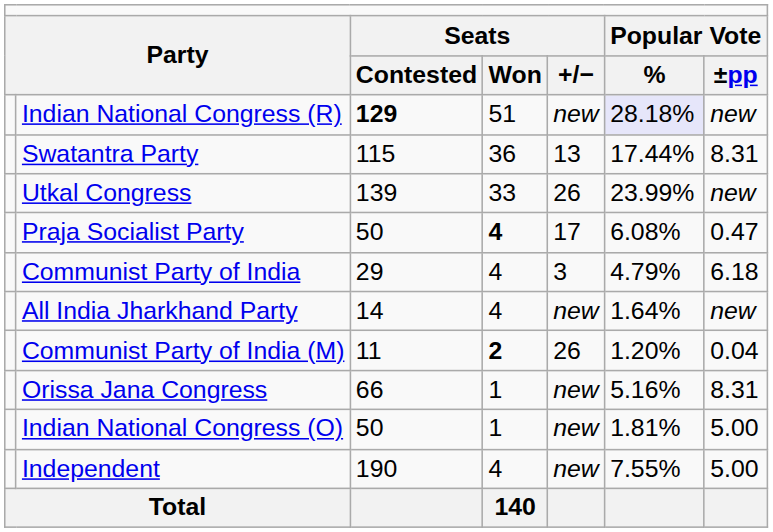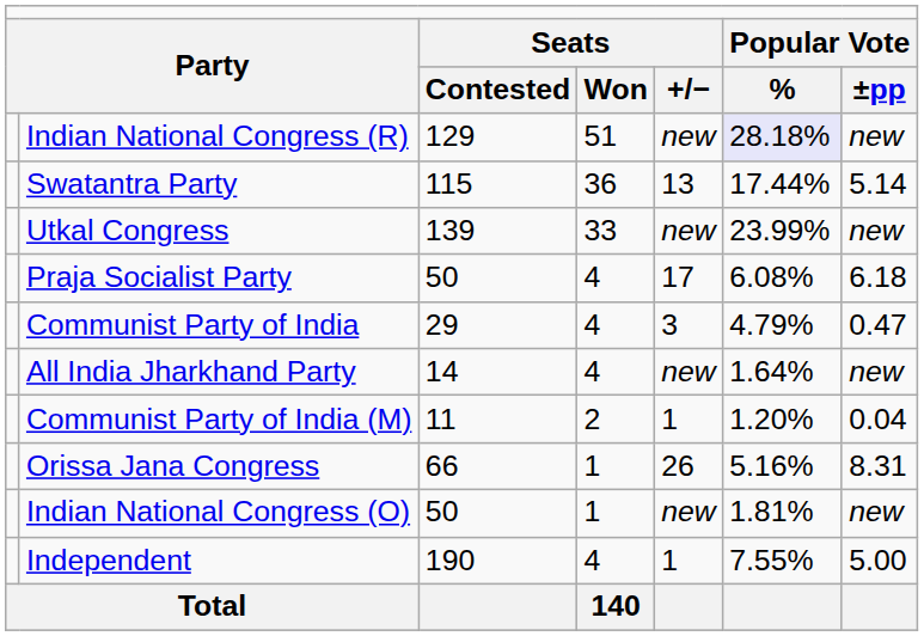 <table class="wikitable">
 <tr>
 <td colspan="7"></td>
 </tr>
 <tr>
 <th colspan="2" rowspan="2">Party</th>
 <th colspan="3">Seats</th>
 <th colspan="2">Popular Vote</th>
 </tr>
 <tr>
 <th>Contested</th>
 <th>Won</th>
 <th><strong>+/−</strong></th>
 <th>%</th>
 <th>±<a href='#'>pp</a></th>
 </tr>
 <tr>
 <td style="background-color: "></td>
 <td><a href='#'>Indian National Congress (R)</a></td>
-<td><strong>129</strong></td>
+<td>129</td>
 <td>51</td>
 <td><em>new</em></td>
 <td style="background: lavender;">28.18%</td>
 <td><em>new</em></td>
 </tr>
 <tr>
 <td style="background-color: "></td>
 <td><a href='#'>Swatantra Party</a></td>
 <td>115</td>
 <td>36</td>
 <td>13</td>
 <td>17.44%</td>
-<td>8.31</td>
+<td>5.14</td>
 </tr>
 <tr>
 <td style="background-color: "></td>
 <td><a href='#'>Utkal Congress</a></td>
 <td>139</td>
 <td>33</td>
-<td>26</td>
+<td><em>new</em></td>
 <td>23.99%</td>
 <td><em>new</em></td>
 </tr>
 <tr>
 <td style="background-color: "></td>
 <td><a href='#'>Praja Socialist Party</a></td>
 <td>50</td>
-<td><strong>4</strong></td>
+<td>4</td>
 <td>17</td>
 <td>6.08%</td>
-<td>0.47</td>
+<td>6.18</td>
 </tr>
 <tr>
 <td style="background-color: "></td>
 <td><a href='#'>Communist Party of India</a></td>
 <td>29</td>
 <td>4</td>
 <td>3</td>
 <td>4.79%</td>
-<td>6.18</td>
+<td>0.47</td>
 </tr>
 <tr>
 <td style="background-color: "></td>
 <td><a href='#'>All India Jharkhand Party</a></td>
 <td>14</td>
 <td>4</td>
 <td><em>new</em></td>
 <td>1.64%</td>
 <td><em>new</em></td>
 </tr>
 <tr>
 <td style="background-color: "></td>
 <td><a href='#'>Communist Party of India (M)</a></td>
 <td>11</td>
-<td><strong>2</strong></td>
-<td>26</td>
+<td>2</td>
+<td>1</td>
 <td>1.20%</td>
 <td>0.04</td>
 </tr>
 <tr>
 <td style="background-color: "></td>
 <td><a href='#'>Orissa Jana Congress</a></td>
 <td>66</td>
 <td>1</td>
-<td><em>new</em></td>
+<td>26</td>
 <td>5.16%</td>
 <td>8.31</td>
 </tr>
 <tr>
 <td style="background-color: "></td>
 <td><a href='#'>Indian National Congress (O)</a></td>
 <td>50</td>
 <td>1</td>
 <td><em>new</em></td>
 <td>1.81%</td>
-<td>5.00</td>
+<td><em>new</em></td>
 </tr>
 <tr>
 <td style="background-color: "></td>
 <td><a href='#'>Independent</a></td>
 <td>190</td>
 <td>4</td>
-<td><em>new</em></td>
+<td>1</td>
 <td>7.55%</td>
 <td>5.00</td>
 </tr>
 <tr>
 <th colspan="2">Total</th>
 <th></th>
 <th>140</th>
 <th></th>
 <th></th>
 <th></th>
 </tr>
 </table>
